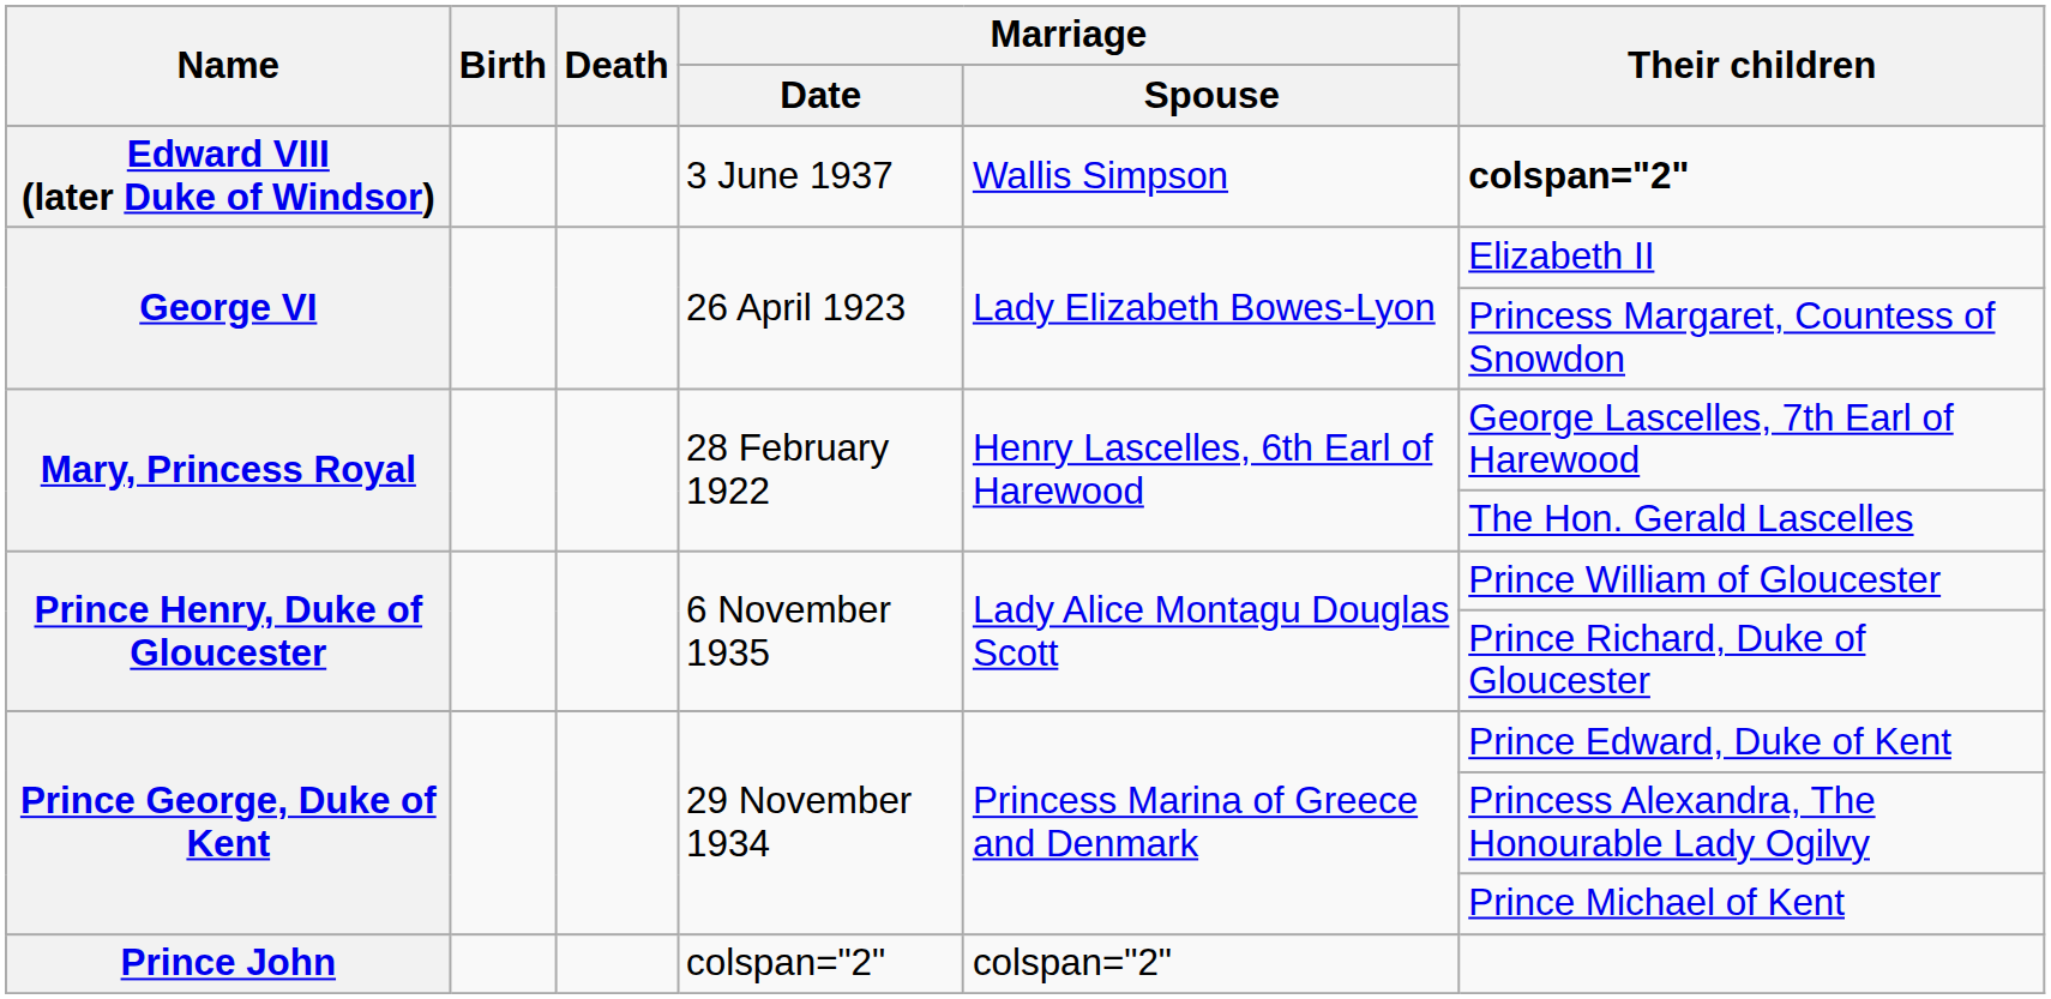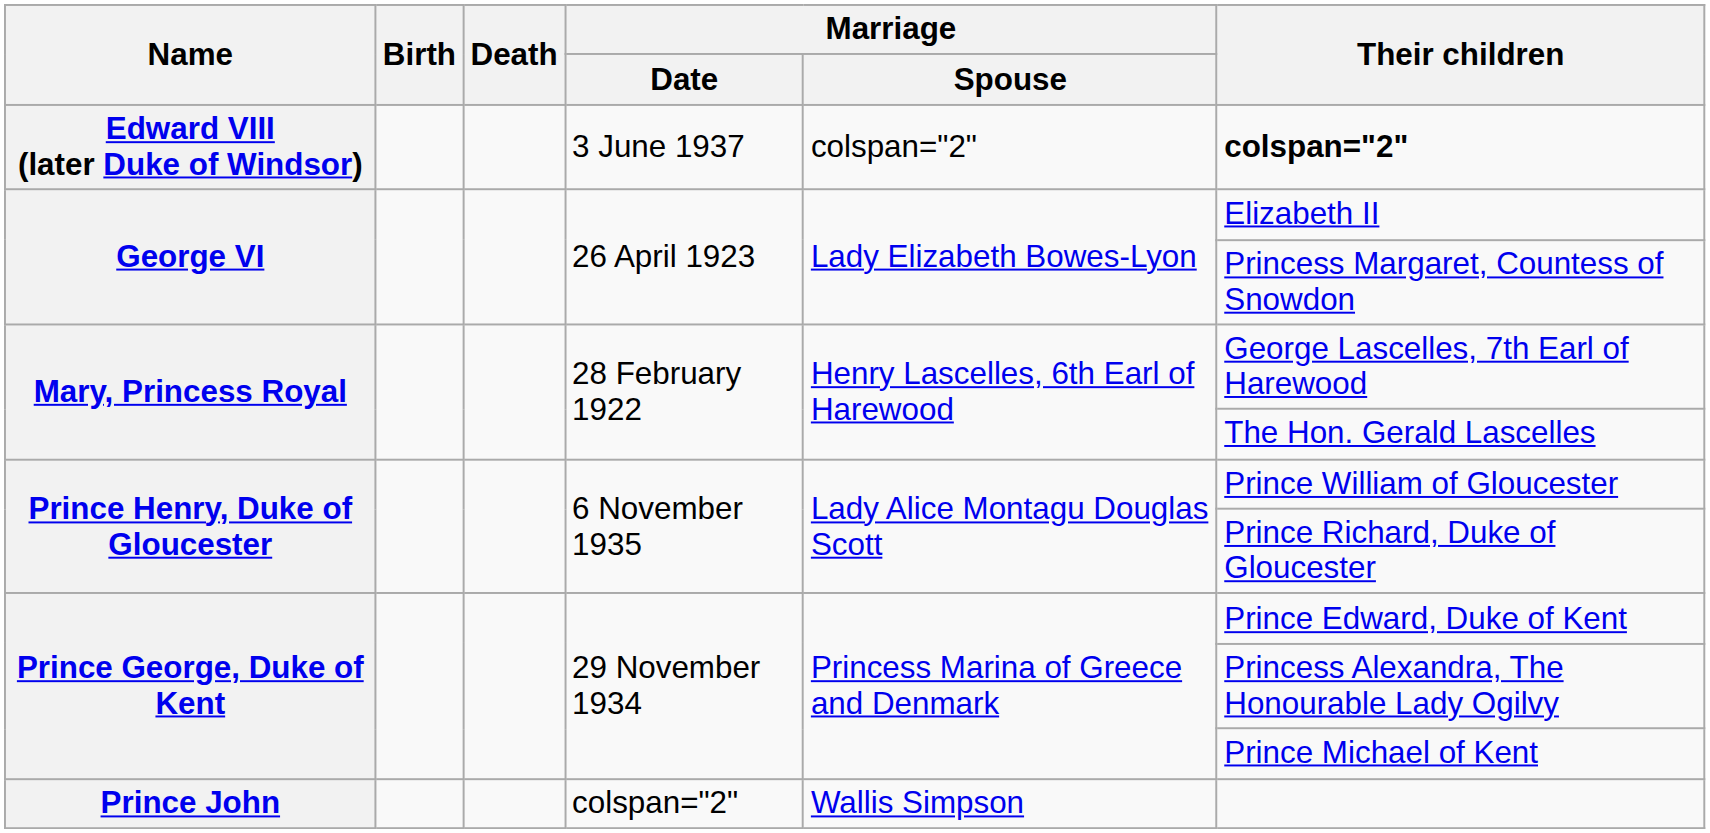 <table class="wikitable plainrowheaders">
 <tr>
 <th rowspan="2" scope="col">Name</th>
 <th rowspan="2" scope="col">Birth</th>
 <th rowspan="2" scope="col">Death</th>
 <th colspan="2" scope="col">Marriage</th>
 <th rowspan="2" scope="col">Their children</th>
 </tr>
 <tr>
 <th scope="col">Date</th>
 <th scope="col">Spouse</th>
 </tr>
 <tr>
 <th scope="row"><a href='#'>Edward VIII</a><br>(later <a href='#'>Duke of Windsor</a>)</th>
 <td></td>
 <td></td>
 <td>3 June 1937</td>
-<td><a href='#'>Wallis Simpson</a></td>
+<td>colspan="2" </td>
 <td><strong>colspan="2" </strong></td>
 </tr>
 <tr>
 <th rowspan="2" scope="row"><a href='#'>George VI</a></th>
 <td rowspan="2"></td>
 <td rowspan="2"></td>
 <td rowspan="2">26 April 1923</td>
 <td rowspan="2"><a href='#'>Lady Elizabeth Bowes-Lyon</a></td>
 <td><a href='#'>Elizabeth II</a></td>
 </tr>
 <tr>
 <td><a href='#'>Princess Margaret, Countess of Snowdon</a></td>
 </tr>
 <tr>
 <th rowspan="2" scope="row"><a href='#'>Mary, Princess Royal</a></th>
 <td rowspan="2"></td>
 <td rowspan="2"></td>
 <td rowspan="2">28 February 1922</td>
 <td rowspan="2"><a href='#'>Henry Lascelles, 6th Earl of Harewood</a></td>
 <td><a href='#'>George Lascelles, 7th Earl of Harewood</a></td>
 </tr>
 <tr>
 <td><a href='#'>The Hon. Gerald Lascelles</a></td>
 </tr>
 <tr>
 <th rowspan="2" scope="row"><a href='#'>Prince Henry, Duke of Gloucester</a></th>
 <td rowspan="2"></td>
 <td rowspan="2"></td>
 <td rowspan="2">6 November 1935</td>
 <td rowspan="2"><a href='#'>Lady Alice Montagu Douglas Scott</a></td>
 <td><a href='#'>Prince William of Gloucester</a></td>
 </tr>
 <tr>
 <td><a href='#'>Prince Richard, Duke of Gloucester</a></td>
 </tr>
 <tr>
 <th rowspan="3" scope="row"><a href='#'>Prince George, Duke of Kent</a></th>
 <td rowspan="3"></td>
 <td rowspan="3"></td>
 <td rowspan="3">29 November 1934</td>
 <td rowspan="3"><a href='#'>Princess Marina of Greece and Denmark</a></td>
 <td><a href='#'>Prince Edward, Duke of Kent</a></td>
 </tr>
 <tr>
 <td><a href='#'>Princess Alexandra, The Honourable Lady Ogilvy</a></td>
 </tr>
 <tr>
 <td><a href='#'>Prince Michael of Kent</a></td>
 </tr>
 <tr>
 <th scope="row"><a href='#'>Prince John</a></th>
 <td></td>
 <td></td>
 <td>colspan="2" </td>
-<td>colspan="2" </td>
+<td><a href='#'>Wallis Simpson</a></td>
 </tr>
 </table>
